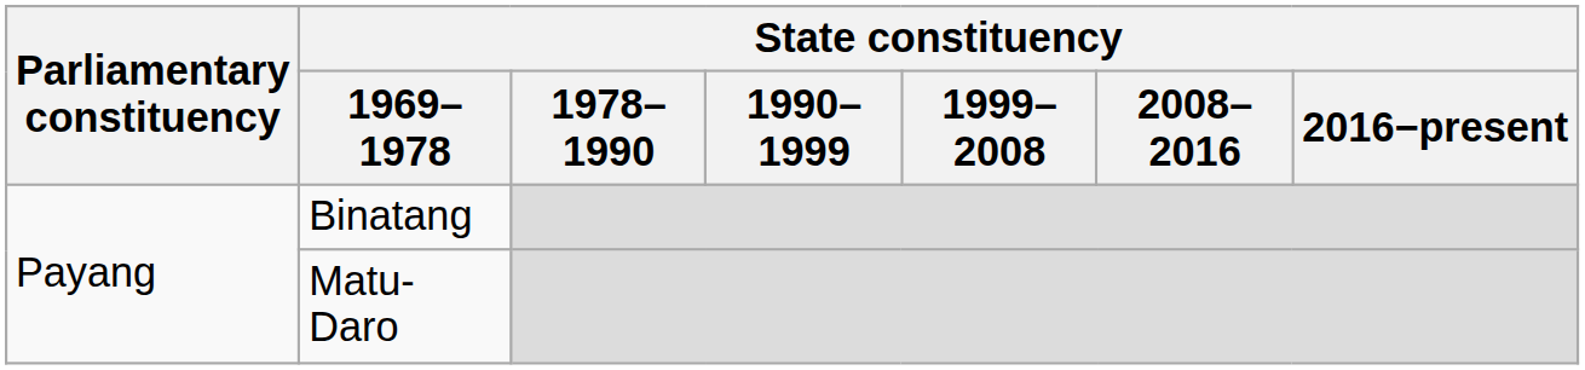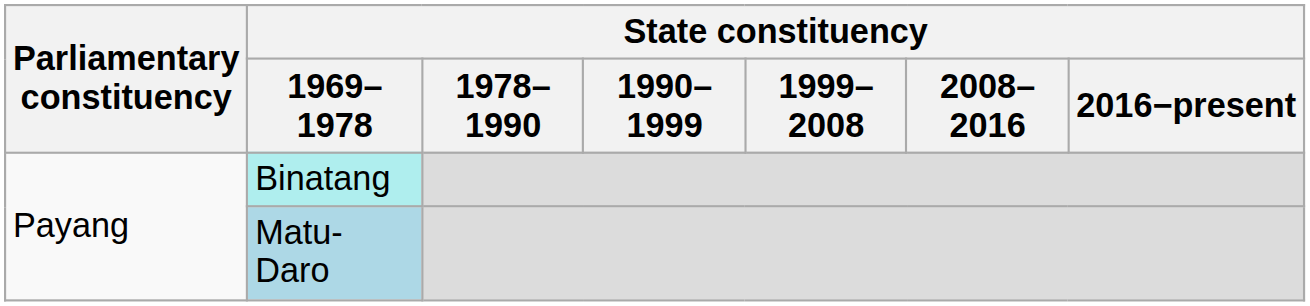 <table class="wikitable">
 <tr>
 <th rowspan="2">Parliamentary<br>constituency</th>
 <th colspan="6">State constituency</th>
 </tr>
 <tr>
 <th>1969–1978</th>
 <th>1978–1990</th>
 <th>1990–1999</th>
 <th>1999–2008</th>
 <th>2008–2016</th>
 <th>2016−present</th>
 </tr>
 <tr>
 <td rowspan="2">Payang</td>
-<td>Binatang</td>
+<td style="background: paleturquoise;">Binatang</td>
 <td colspan="5" bgcolor="dcdcdc"></td>
 </tr>
 <tr>
-<td>Matu-Daro</td>
+<td style="background: lightblue;">Matu-Daro</td>
 <td colspan="5" bgcolor="dcdcdc"></td>
 </tr>
 </table>
